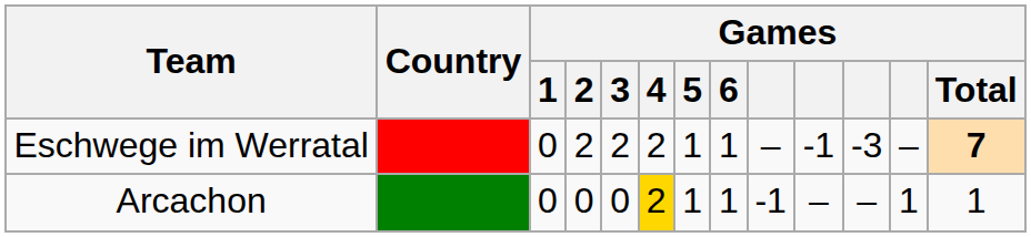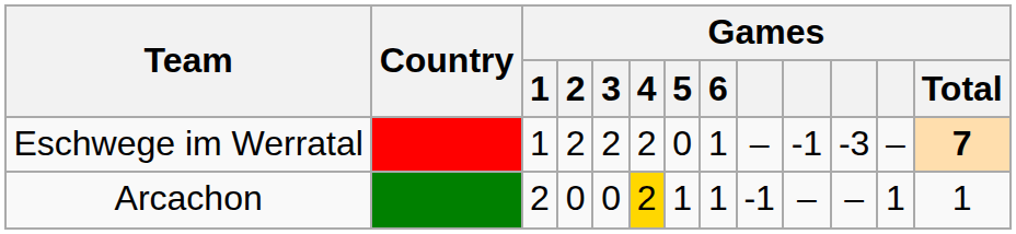 <table class="wikitable plainrowheaders" style="text-align:center;">
 <tr>
 <th rowspan=2>Team</th>
 <th rowspan=2>Country</th>
 <th colspan=11>Games</th>
 </tr>
 <tr>
 <th>1</th>
 <th>2</th>
 <th>3</th>
 <th>4</th>
 <th>5</th>
 <th>6</th>
 <th></th>
 <th></th>
 <th></th>
 <th></th>
 <th>Total</th>
 </tr>
 <tr>
 <td>Eschwege im Werratal</td>
 <td style="background:red"></td>
-<td>0</td>
+<td>1</td>
 <td>2</td>
 <td>2</td>
 <td>2</td>
-<td>1</td>
+<td>0</td>
 <td>1</td>
 <td>–</td>
 <td>-1</td>
 <td>-3</td>
 <td>–</td>
 <td style="font-weight:bold; background:NavajoWhite;"><strong>7</strong></td>
 </tr>
 <tr>
 <td>Arcachon</td>
 <td style="background:green"></td>
-<td>0</td>
+<td>2</td>
 <td>0</td>
 <td>0</td>
 <td style="background: gold;">2</td>
 <td>1</td>
 <td>1</td>
 <td>-1</td>
 <td>–</td>
 <td>–</td>
 <td>1</td>
 <td>1</td>
 </tr>
 </table>
